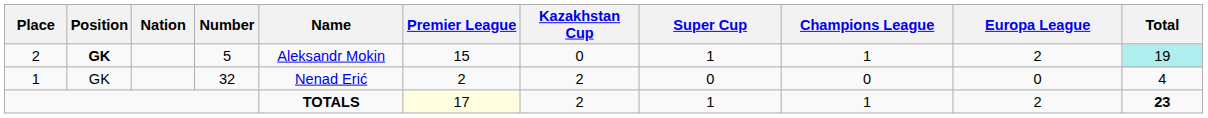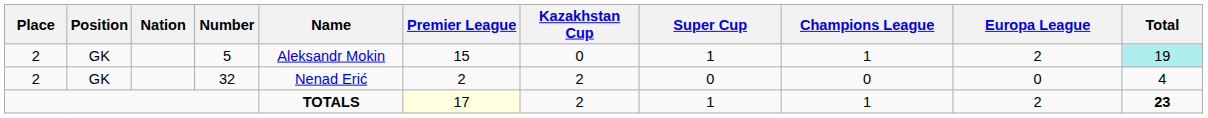 <table class="wikitable" style="font-size: 95%; text-align: center;">
 <tr>
 <th width=60>Place</th>
 <th width=60>Position</th>
 <th width=60>Nation</th>
 <th width=60>Number</th>
 <th width=150>Name</th>
 <th width=120><a href='#'>Premier League</a></th>
 <th width=120><a href='#'>Kazakhstan Cup</a></th>
 <th width=150><a href='#'>Super Cup</a></th>
 <th width=180><a href='#'>Champions League</a></th>
 <th width=180><a href='#'>Europa League</a></th>
 <th width=80>Total</th>
 </tr>
 <tr>
 <td>2</td>
-<td><strong>GK</strong></td>
+<td>GK</td>
 <td></td>
 <td>5</td>
 <td><a href='#'>Aleksandr Mokin</a></td>
 <td>15</td>
 <td>0</td>
 <td>1</td>
 <td>1</td>
 <td>2</td>
 <td style="background: paleturquoise;">19</td>
 </tr>
 <tr>
-<td>1</td>
+<td>2</td>
 <td>GK</td>
 <td></td>
 <td>32</td>
 <td><a href='#'>Nenad Erić</a></td>
 <td>2</td>
 <td>2</td>
 <td>0</td>
 <td>0</td>
 <td>0</td>
 <td>4</td>
 </tr>
 <tr>
 <td colspan="4"></td>
 <td><strong>TOTALS</strong></td>
 <td style="background: lightyellow;">17</td>
 <td>2</td>
 <td>1</td>
 <td>1</td>
 <td>2</td>
 <td><strong>23</strong></td>
 </tr>
 </table>
